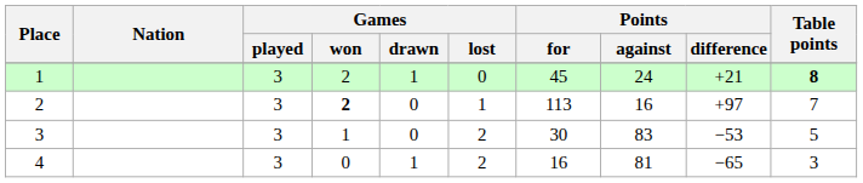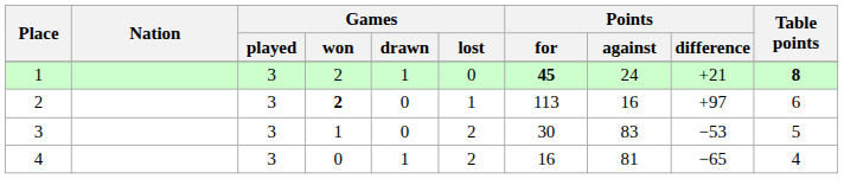 <table class="wikitable">
 <tr>
 <th rowspan=2 width="8%">Place</th>
 <th rowspan=2 width="20%">Nation</th>
 <th colspan=4 width="32%">Games</th>
 <th colspan=3 width="30%">Points</th>
 <th rowspan=2 width="10%">Table<br>points</th>
 </tr>
 <tr>
 <th width="8%">played</th>
 <th width="8%">won</th>
 <th width="8%">drawn</th>
 <th width="8%">lost</th>
 <th width="10%">for</th>
 <th width="10%">against</th>
 <th width="10%">difference</th>
 </tr>
 <tr>
 </tr>
 <tr bgcolor=#ccffcc align=center>
 <td>1</td>
 <td align=left></td>
 <td>3</td>
 <td>2</td>
 <td>1</td>
 <td>0</td>
-<td>45</td>
+<td><strong>45</strong></td>
 <td>24</td>
 <td>+21</td>
 <td><strong>8</strong></td>
 </tr>
 <tr bgcolor=#ffffff align=center>
 <td>2</td>
 <td align=left></td>
 <td>3</td>
 <td><strong>2</strong></td>
 <td>0</td>
 <td>1</td>
 <td>113</td>
 <td>16</td>
 <td>+97</td>
-<td>7</td>
+<td>6</td>
 </tr>
 <tr bgcolor=#ffffff align=center>
 <td>3</td>
 <td align=left></td>
 <td>3</td>
 <td>1</td>
 <td>0</td>
 <td>2</td>
 <td>30</td>
 <td>83</td>
 <td>−53</td>
 <td>5</td>
 </tr>
 <tr bgcolor=#ffffff align=center>
 <td>4</td>
 <td align=left></td>
 <td>3</td>
 <td>0</td>
 <td>1</td>
 <td>2</td>
 <td>16</td>
 <td>81</td>
 <td>−65</td>
-<td>3</td>
+<td>4</td>
 </tr>
 </table>
